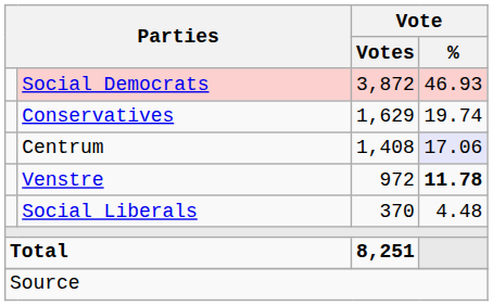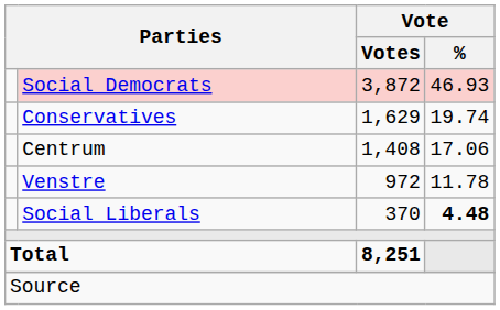 <table class="wikitable" style="text-align:right;">
 <tr>
 <th style="text-align:centre;" rowspan="2" colspan="2" width="225">Parties</th>
 <th colspan="3">Vote</th>
 </tr>
 <tr>
 <th width="15">Votes</th>
 <th width="15">%</th>
 </tr>
 <tr>
 <td width="2" style="color:inherit;background:"></td>
 <td bgcolor=#fbd0ce  align="left"><a href='#'>Social Democrats</a></td>
 <td bgcolor=#fbd0ce>3,872</td>
 <td bgcolor=#fbd0ce>46.93</td>
 </tr>
 <tr>
 <td width="2" style="color:inherit;background:"></td>
 <td align="left"><a href='#'>Conservatives</a></td>
 <td>1,629</td>
 <td>19.74</td>
 </tr>
 <tr>
 <td width="2" style="color:inherit;background:"></td>
 <td align="left">Centrum</td>
 <td>1,408</td>
-<td style="background: lavender;">17.06</td>
+<td>17.06</td>
 </tr>
 <tr>
 <td width="2" style="color:inherit;background:"></td>
 <td align="left"><a href='#'>Venstre</a></td>
 <td>972</td>
-<td><strong>11.78</strong></td>
+<td>11.78</td>
 </tr>
 <tr>
 <td width="2" style="color:inherit;background:"></td>
 <td align="left"><a href='#'>Social Liberals</a></td>
 <td>370</td>
-<td>4.48</td>
+<td><strong>4.48</strong></td>
 </tr>
 <tr>
 <td colspan="7" bgcolor="#E9E9E9"></td>
 </tr>
 <tr>
 <td align="left" colspan="2"><strong>Total</strong></td>
 <td><strong>8,251</strong></td>
 <td bgcolor="#E9E9E9" colspan="2"></td>
 </tr>
 <tr>
 </tr>
 <tr>
 <td align="left" colspan="6">Source</td>
 </tr>
 </table>
